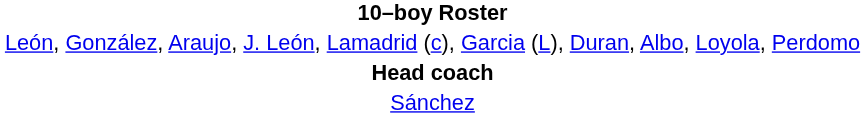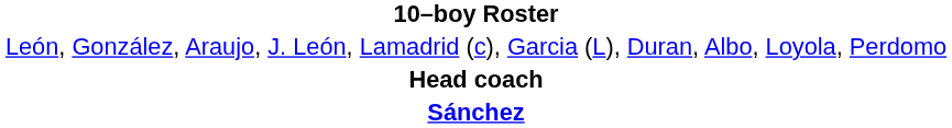 <table style="text-align: center; margin-top: 2em; margin-left: auto; margin-right: auto">
 <tr>
 <td><strong>10–boy Roster</strong></td>
 </tr>
 <tr>
 <td><a href='#'>León</a>, <a href='#'>González</a>, <a href='#'>Araujo</a>, <a href='#'>J. León</a>, <a href='#'>Lamadrid</a> (<a href='#'>c</a>), <a href='#'>Garcia</a> (<a href='#'>L</a>), <a href='#'>Duran</a>, <a href='#'>Albo</a>, <a href='#'>Loyola</a>, <a href='#'>Perdomo</a></td>
 </tr>
 <tr>
 <td><strong>Head coach</strong></td>
 </tr>
 <tr>
-<td><a href='#'>Sánchez</a></td>
+<td><strong><a href='#'>Sánchez</a></strong></td>
 </tr>
 </table>
